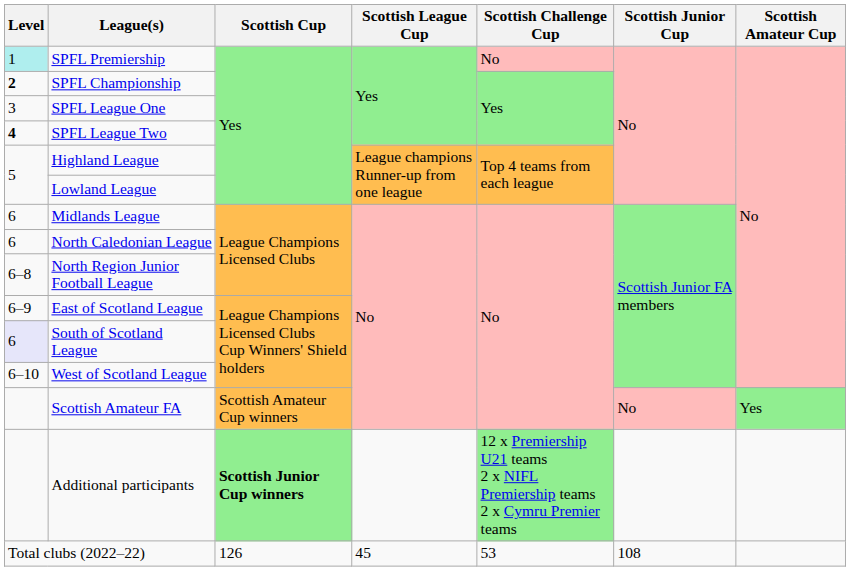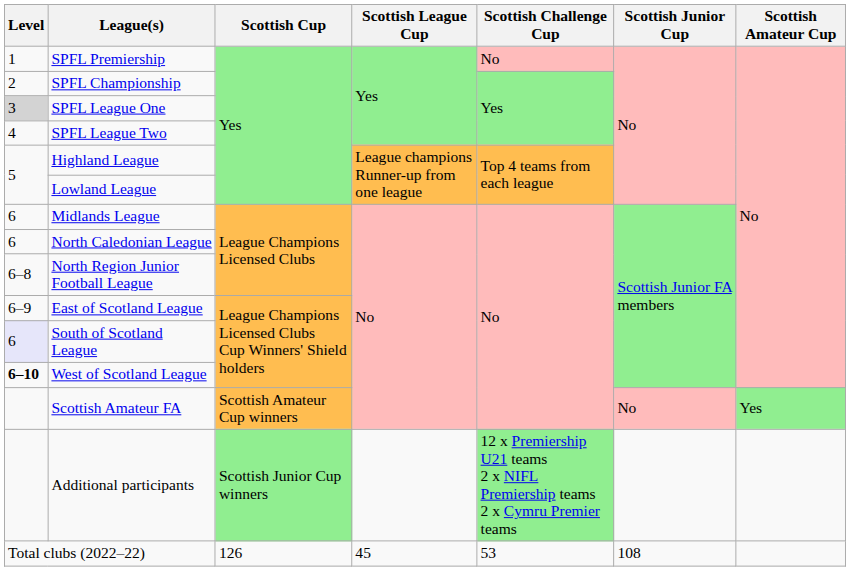 <table class="wikitable">
 <tr>
 <th>Level</th>
 <th>League(s)</th>
 <th>Scottish Cup</th>
 <th>Scottish League Cup</th>
 <th>Scottish Challenge Cup</th>
 <th>Scottish Junior Cup</th>
 <th>Scottish Amateur Cup</th>
 </tr>
 <tr>
-<td style="background: paleturquoise;">1</td>
+<td>1</td>
 <td><a href='#'>SPFL Premiership</a></td>
 <td rowspan="6" style="background:LightGreen;">Yes</td>
 <td rowspan="4" style="background:LightGreen;">Yes</td>
 <td style="background:#FFBBBB;">No</td>
 <td rowspan="6" style="background:#FFBBBB;">No</td>
 <td rowspan="12" style="background:#FFBBBB;">No</td>
 </tr>
 <tr>
-<td><strong>2</strong></td>
+<td>2</td>
 <td><a href='#'>SPFL Championship</a></td>
 <td rowspan="3" style="background:LightGreen;">Yes</td>
 </tr>
 <tr>
-<td>3</td>
+<td style="background: lightgrey;">3</td>
 <td><a href='#'>SPFL League One</a></td>
 </tr>
 <tr>
-<td><strong>4</strong></td>
+<td>4</td>
 <td><a href='#'>SPFL League Two</a></td>
 </tr>
 <tr>
 <td rowspan="2">5</td>
 <td><a href='#'>Highland League</a></td>
 <td rowspan="2" style="background:#FFBD50;">League champions<br>Runner-up from one league</td>
 <td rowspan="2" style="background:#FFBD50;">Top 4 teams from each league</td>
 </tr>
 <tr>
 <td><a href='#'>Lowland League</a></td>
 </tr>
 <tr>
 <td>6</td>
 <td><a href='#'>Midlands League</a></td>
 <td rowspan="3" style="background:#FFBD50;">League Champions<br>Licensed Clubs</td>
 <td rowspan="7" style="background:#FFBBBB;">No</td>
 <td rowspan="7" style="background:#FFBBBB;">No</td>
 <td rowspan="6" style="background:LightGreen;"><a href='#'>Scottish Junior FA</a> members</td>
 </tr>
 <tr>
 <td>6</td>
 <td><a href='#'>North Caledonian League</a></td>
 </tr>
 <tr>
 <td>6–8</td>
 <td><a href='#'>North Region Junior Football League</a></td>
 </tr>
 <tr>
 <td>6–9</td>
 <td><a href='#'>East of Scotland League</a></td>
 <td rowspan="3" style="background:#FFBD50;">League Champions<br>Licensed Clubs<br>Cup Winners' Shield holders</td>
 </tr>
 <tr>
 <td style="background: lavender;">6</td>
 <td><a href='#'>South of Scotland League</a></td>
 </tr>
 <tr>
-<td>6–10</td>
+<td><strong>6–10</strong></td>
 <td><a href='#'>West of Scotland League</a></td>
 </tr>
 <tr>
 <td></td>
 <td><a href='#'>Scottish Amateur FA</a></td>
 <td style="background:#FFBD50;">Scottish Amateur Cup winners</td>
 <td style="background:#FFBBBB;">No</td>
 <td style="background:LightGreen;">Yes</td>
 </tr>
 <tr>
 <td></td>
 <td>Additional participants</td>
-<td style="background:LightGreen;"><strong>Scottish Junior Cup winners</strong></td>
+<td style="background:LightGreen;">Scottish Junior Cup winners</td>
 <td></td>
 <td style="background:LightGreen;">12 x <a href='#'>Premiership U21</a> teams<br>2 x <a href='#'>NIFL Premiership</a> teams<br>2 x <a href='#'>Cymru Premier</a> teams</td>
 <td></td>
 <td></td>
 </tr>
 <tr>
 <td colspan="2">Total clubs (2022–22)</td>
 <td>126</td>
 <td>45</td>
 <td>53</td>
 <td>108</td>
 <td></td>
 </tr>
 </table>
